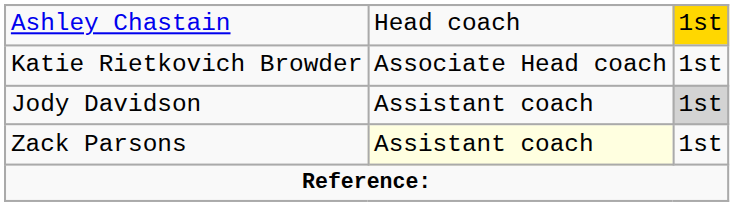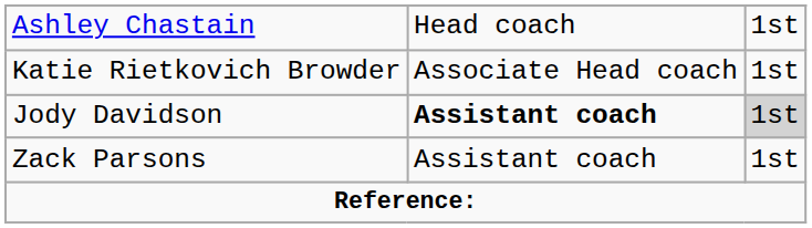 <table class="wikitable" style="font-size:93%;">
 <tr>
 </tr>
 <tr>
 <td><a href='#'>Ashley Chastain</a></td>
 <td>Head coach</td>
-<td align=center style="background: gold;">1st</td>
+<td align=center>1st</td>
 </tr>
 <tr>
 <td>Katie Rietkovich Browder</td>
 <td>Associate Head coach</td>
 <td align=center>1st</td>
 </tr>
 <tr>
 <td>Jody Davidson</td>
-<td>Assistant coach</td>
+<td><strong>Assistant coach</strong></td>
 <td align=center style="background: lightgrey;">1st</td>
 </tr>
 <tr>
 <td>Zack Parsons</td>
-<td style="background: lightyellow;">Assistant coach</td>
+<td>Assistant coach</td>
 <td align=center>1st</td>
 </tr>
 <tr>
 <td colspan="4"  style="font-size:8pt; text-align:center;"><strong>Reference:</strong></td>
 </tr>
 </table>
